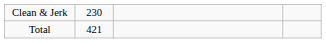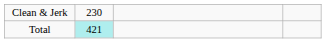 <table class = "wikitable" style="text-align:center;">
 <tr>
 <td width=100>Clean & Jerk</td>
 <td width=50>230</td>
 <td width=250 align=left></td>
 <td width=50></td>
 </tr>
 <tr>
 <td>Total</td>
-<td>421</td>
+<td style="background: paleturquoise;">421</td>
 <td align=left></td>
 <td></td>
 </tr>
 </table>
